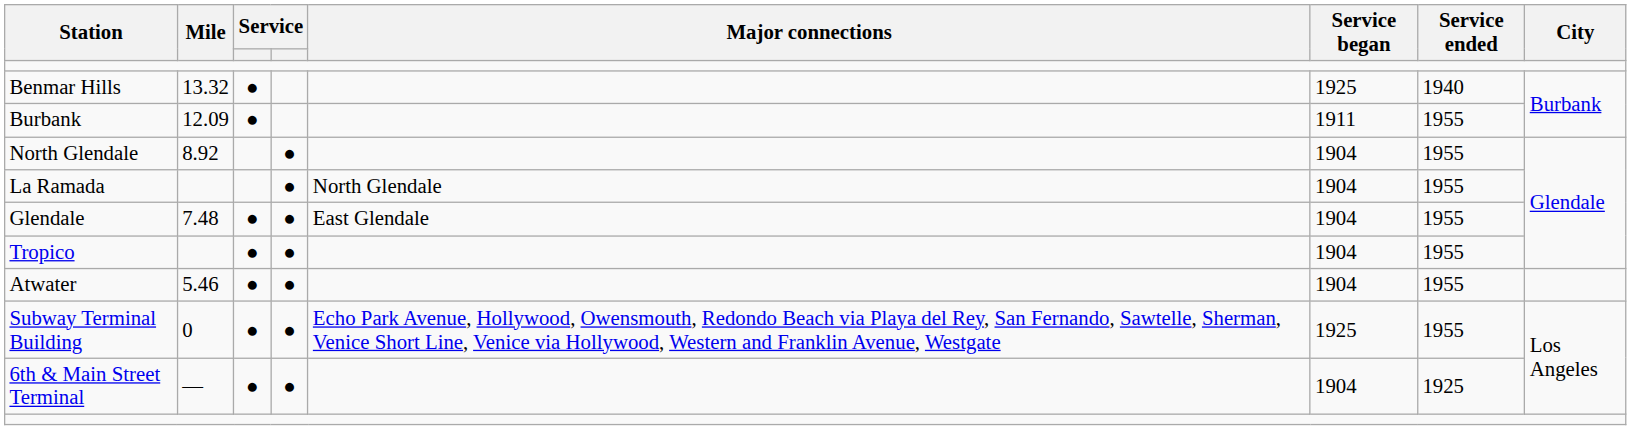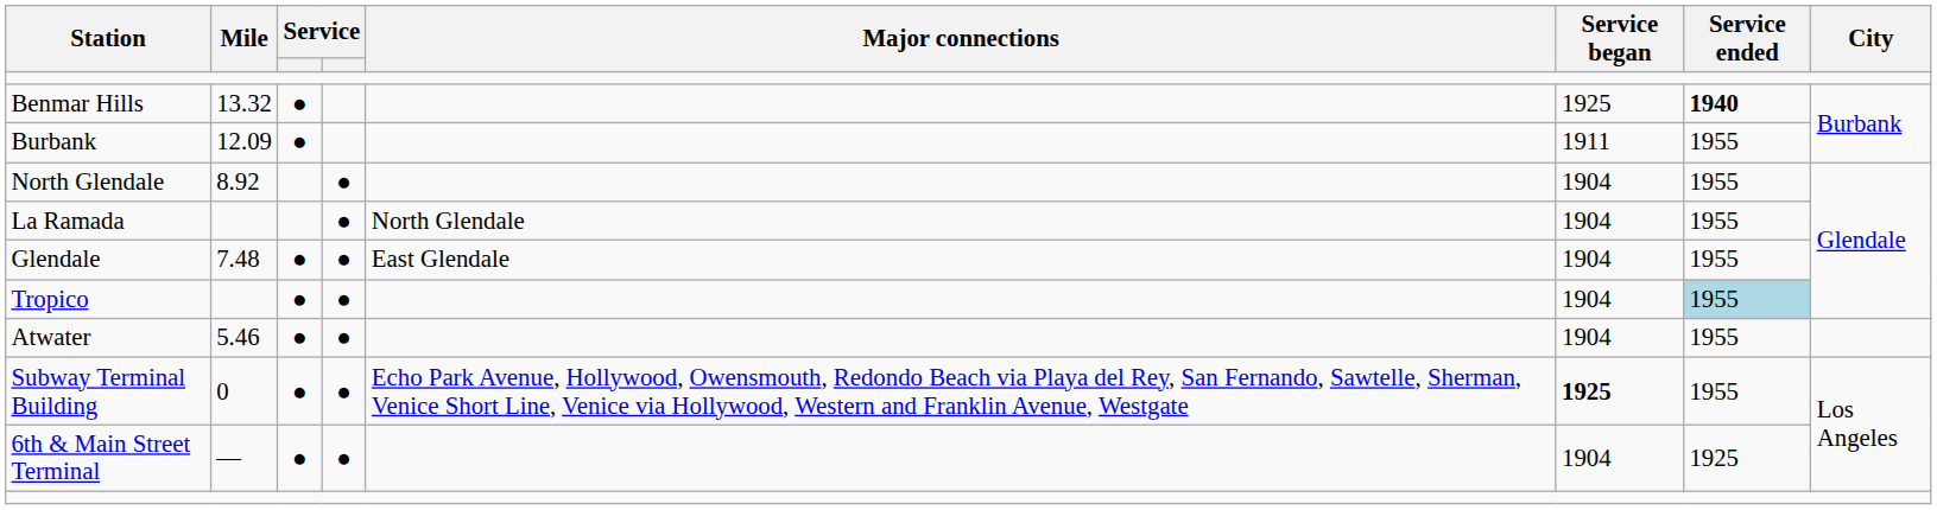 <table class="wikitable">
 <tr>
 <th rowspan=2>Station</th>
 <th rowspan=2>Mile</th>
 <th colspan=2>Service</th>
 <th rowspan=2>Major connections</th>
 <th rowspan=2>Service began</th>
 <th rowspan=2>Service ended</th>
 <th rowspan=2>City</th>
 </tr>
 <tr>
 <th></th>
 <th></th>
 </tr>
 <tr>
 <td colspan = "8"></td>
 </tr>
 <tr>
 <td>Benmar Hills</td>
 <td>13.32</td>
 <td style="text-align:center">●</td>
 <td></td>
 <td></td>
 <td>1925</td>
-<td>1940</td>
+<td><strong>1940</strong></td>
 <td rowspan=2><a href='#'>Burbank</a></td>
 </tr>
 <tr>
 <td>Burbank</td>
 <td>12.09</td>
 <td style="text-align:center">●</td>
 <td></td>
 <td></td>
 <td>1911</td>
 <td>1955</td>
 </tr>
 <tr>
 <td>North Glendale</td>
 <td>8.92</td>
 <td></td>
 <td style="text-align:center">●</td>
 <td></td>
 <td>1904</td>
 <td>1955</td>
 <td rowspan=4><a href='#'>Glendale</a></td>
 </tr>
 <tr>
 <td>La Ramada</td>
 <td></td>
 <td></td>
 <td style="text-align:center">●</td>
 <td>North Glendale</td>
 <td>1904</td>
 <td>1955</td>
 </tr>
 <tr>
 <td>Glendale</td>
 <td>7.48</td>
 <td style="text-align:center">●</td>
 <td style="text-align:center">●</td>
 <td>East Glendale</td>
 <td>1904</td>
 <td>1955</td>
 </tr>
 <tr>
 <td><a href='#'>Tropico</a></td>
 <td></td>
 <td style="text-align:center">●</td>
 <td style="text-align:center">●</td>
 <td></td>
 <td>1904</td>
-<td>1955</td>
+<td style="background: lightblue;">1955</td>
 </tr>
 <tr>
 <td>Atwater</td>
 <td>5.46</td>
 <td style="text-align:center">●</td>
 <td style="text-align:center">●</td>
 <td></td>
 <td>1904</td>
 <td>1955</td>
 </tr>
 <tr>
 <td><a href='#'>Subway Terminal Building</a></td>
 <td>0</td>
 <td style="text-align:center">●</td>
 <td style="text-align:center">●</td>
 <td><a href='#'>Echo Park Avenue</a>, <a href='#'>Hollywood</a>, <a href='#'>Owensmouth</a>, <a href='#'>Redondo Beach via Playa del Rey</a>, <a href='#'>San Fernando</a>, <a href='#'>Sawtelle</a>, <a href='#'>Sherman</a>, <a href='#'>Venice Short Line</a>, <a href='#'>Venice via Hollywood</a>, <a href='#'>Western and Franklin Avenue</a>, <a href='#'>Westgate</a></td>
-<td>1925</td>
+<td><strong>1925</strong></td>
 <td>1955</td>
 <td rowspan=2>Los Angeles</td>
 </tr>
 <tr>
 <td><a href='#'>6th & Main Street Terminal</a></td>
 <td>—</td>
 <td style="text-align:center">●</td>
 <td style="text-align:center">●</td>
 <td></td>
 <td>1904</td>
 <td>1925</td>
 </tr>
 <tr>
 <td colspan = "8"></td>
 </tr>
 </table>
